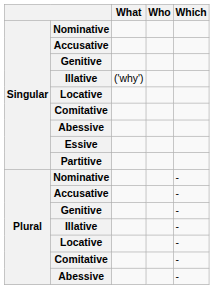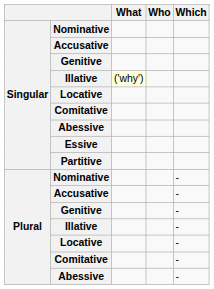 <table class="wikitable">
 <tr>
 <th colspan="2"></th>
 <th>What</th>
 <th>Who</th>
 <th>Which</th>
 </tr>
 <tr>
 <th rowspan="9">Singular</th>
 <th>Nominative</th>
 <td></td>
 <td></td>
 <td></td>
 </tr>
 <tr>
 <th>Accusative</th>
 <td></td>
 <td></td>
 <td></td>
 </tr>
 <tr>
 <th>Genitive</th>
 <td></td>
 <td></td>
 <td></td>
 </tr>
 <tr>
 <th>Illative</th>
-<td> ('why')</td>
+<td style="background: lightyellow;"> ('why')</td>
 <td></td>
 <td></td>
 </tr>
 <tr>
 <th>Locative</th>
 <td></td>
 <td></td>
 <td></td>
 </tr>
 <tr>
 <th>Comitative</th>
 <td></td>
 <td></td>
 <td></td>
 </tr>
 <tr>
 <th>Abessive</th>
 <td></td>
 <td></td>
 <td></td>
 </tr>
 <tr>
 <th>Essive</th>
 <td></td>
 <td></td>
 <td></td>
 </tr>
 <tr>
 <th>Partitive</th>
 <td></td>
 <td></td>
 <td></td>
 </tr>
 <tr>
 <th rowspan="7">Plural</th>
 <th>Nominative</th>
 <td></td>
 <td></td>
 <td>-</td>
 </tr>
 <tr>
 <th>Accusative</th>
 <td></td>
 <td></td>
 <td>-</td>
 </tr>
 <tr>
 <th>Genitive</th>
 <td></td>
 <td></td>
 <td>-</td>
 </tr>
 <tr>
 <th>Illative</th>
 <td></td>
 <td></td>
 <td>-</td>
 </tr>
 <tr>
 <th>Locative</th>
 <td></td>
 <td></td>
 <td>-</td>
 </tr>
 <tr>
 <th>Comitative</th>
 <td></td>
 <td></td>
 <td>-</td>
 </tr>
 <tr>
 <th>Abessive</th>
 <td></td>
 <td></td>
 <td>-</td>
 </tr>
 </table>
